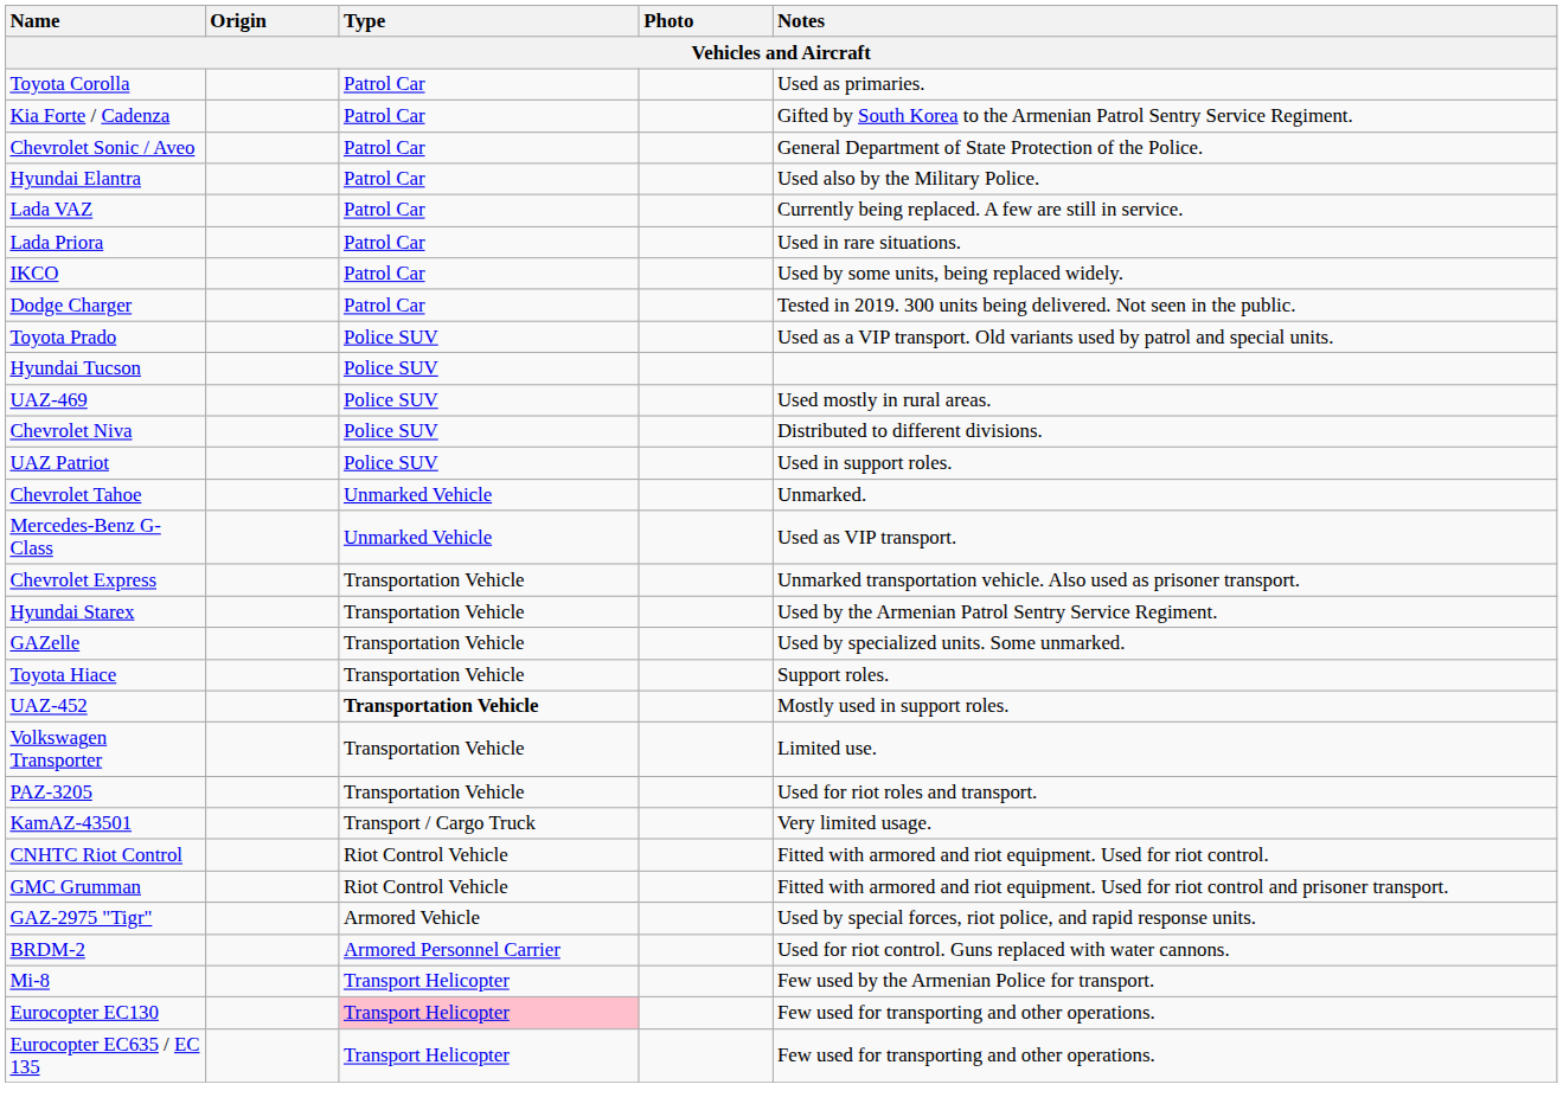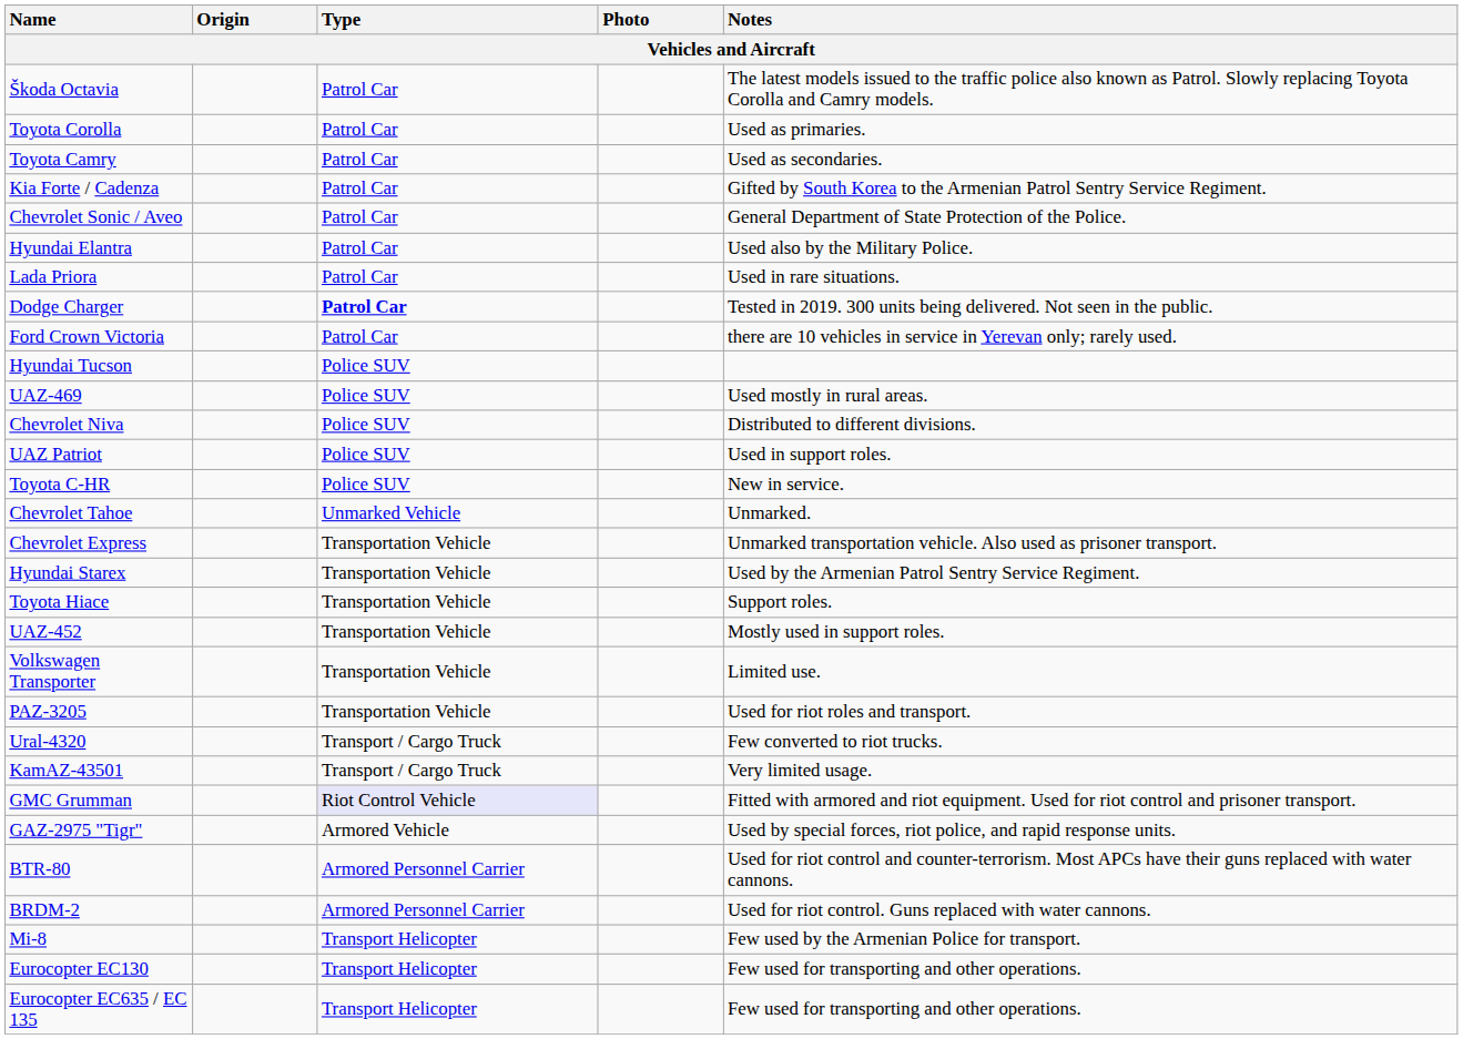 <table class="wikitable">
 <tr>
 <th style="text-align: left; width:12%;">Name</th>
 <th style="text-align: left; width:8%;">Origin</th>
 <th style="text-align: left; width:18%;">Type</th>
 <th style="text-align: left; width:8%; ">Photo</th>
 <th style="text-align: left; width:47%;">Notes</th>
 </tr>
 <tr>
 <th colspan="5" style="align: center;">Vehicles and Aircraft</th>
 </tr>
 <tr>
+<td><a href='#'>Škoda Octavia</a></td>
+<td></td>
+<td><a href='#'>Patrol Car</a></td>
+<td></td>
+<td>The latest models issued to the traffic police also known as Patrol. Slowly replacing Toyota Corolla and Camry models.</td>
+</tr>
+<tr>
 <td><a href='#'>Toyota Corolla</a></td>
 <td></td>
 <td><a href='#'>Patrol Car</a></td>
 <td></td>
 <td>Used as primaries.</td>
+</tr>
+<tr>
+<td><a href='#'>Toyota Camry</a></td>
+<td></td>
+<td><a href='#'>Patrol Car</a></td>
+<td></td>
+<td>Used as secondaries.</td>
 </tr>
 <tr>
 <td><a href='#'>Kia Forte</a> / <a href='#'>Cadenza</a></td>
 <td></td>
 <td><a href='#'>Patrol Car</a></td>
 <td></td>
 <td>Gifted by <a href='#'>South Korea</a> to the Armenian Patrol Sentry Service Regiment.</td>
 </tr>
 <tr>
 <td><a href='#'>Chevrolet Sonic / Aveo</a></td>
 <td></td>
 <td><a href='#'>Patrol Car</a></td>
 <td></td>
 <td>General Department of State Protection of the Police.</td>
 </tr>
 <tr>
 <td><a href='#'>Hyundai Elantra</a></td>
 <td></td>
 <td><a href='#'>Patrol Car</a></td>
 <td></td>
 <td>Used also by the Military Police.</td>
 </tr>
 <tr>
-<td><a href='#'>Lada VAZ</a></td>
-<td></td>
-<td><a href='#'>Patrol Car</a></td>
-<td></td>
-<td>Currently being replaced. A few are still in service.</td>
-</tr>
-<tr>
 <td><a href='#'>Lada Priora</a></td>
 <td></td>
 <td><a href='#'>Patrol Car</a></td>
 <td></td>
 <td>Used in rare situations.</td>
 </tr>
 <tr>
-<td><a href='#'>IKCO</a></td>
-<td></td>
-<td><a href='#'>Patrol Car</a></td>
-<td></td>
-<td>Used by some units, being replaced widely.</td>
-</tr>
-<tr>
 <td><a href='#'>Dodge Charger</a></td>
 <td></td>
-<td><a href='#'>Patrol Car</a></td>
+<td><strong><a href='#'>Patrol Car</a></strong></td>
 <td></td>
 <td>Tested in 2019. 300 units being delivered. Not seen in the public.</td>
 </tr>
 <tr>
-<td><a href='#'>Toyota Prado</a></td>
+<td><a href='#'>Ford Crown Victoria</a></td>
 <td></td>
-<td><a href='#'>Police SUV</a></td>
+<td><a href='#'>Patrol Car</a></td>
 <td></td>
-<td>Used as a VIP transport. Old variants used by patrol and special units.</td>
+<td> there are 10 vehicles in service in <a href='#'>Yerevan</a> only; rarely used.</td>
 </tr>
 <tr>
 <td><a href='#'>Hyundai Tucson</a></td>
 <td></td>
 <td><a href='#'>Police SUV</a></td>
 <td></td>
 <td></td>
 </tr>
 <tr>
 <td><a href='#'>UAZ-469</a></td>
 <td></td>
 <td><a href='#'>Police SUV</a></td>
 <td></td>
 <td>Used mostly in rural areas.</td>
 </tr>
 <tr>
 <td><a href='#'>Chevrolet Niva</a></td>
 <td></td>
 <td><a href='#'>Police SUV</a></td>
 <td></td>
 <td>Distributed to different divisions.</td>
 </tr>
 <tr>
 <td><a href='#'>UAZ Patriot</a></td>
 <td></td>
 <td><a href='#'>Police SUV</a></td>
 <td></td>
 <td>Used in support roles.</td>
 </tr>
 <tr>
+<td><a href='#'>Toyota C-HR</a></td>
+<td></td>
+<td><a href='#'>Police SUV</a></td>
+<td></td>
+<td>New in service.</td>
+</tr>
+<tr>
 <td><a href='#'>Chevrolet Tahoe</a></td>
 <td></td>
 <td><a href='#'>Unmarked Vehicle</a></td>
 <td></td>
 <td>Unmarked.</td>
-</tr>
-<tr>
-<td><a href='#'>Mercedes-Benz G-Class</a></td>
-<td></td>
-<td><a href='#'>Unmarked Vehicle</a></td>
-<td></td>
-<td>Used as VIP transport.</td>
 </tr>
 <tr>
 <td><a href='#'>Chevrolet Express</a></td>
 <td></td>
 <td>Transportation Vehicle</td>
 <td></td>
 <td>Unmarked transportation vehicle. Also used as prisoner transport.</td>
 </tr>
 <tr>
 <td><a href='#'>Hyundai Starex</a></td>
 <td></td>
 <td>Transportation Vehicle</td>
 <td></td>
 <td>Used by the Armenian Patrol Sentry Service Regiment.</td>
 </tr>
 <tr>
-<td><a href='#'>GAZelle</a></td>
-<td></td>
-<td>Transportation Vehicle</td>
-<td></td>
-<td>Used by specialized units. Some unmarked.</td>
-</tr>
-<tr>
 <td><a href='#'>Toyota Hiace</a></td>
 <td></td>
 <td>Transportation Vehicle</td>
 <td></td>
 <td>Support roles.</td>
 </tr>
 <tr>
 <td><a href='#'>UAZ-452</a></td>
 <td></td>
-<td><strong>Transportation Vehicle</strong></td>
+<td>Transportation Vehicle</td>
 <td></td>
 <td>Mostly used in support roles.</td>
 </tr>
 <tr>
 <td><a href='#'>Volkswagen Transporter</a></td>
 <td></td>
 <td>Transportation Vehicle</td>
 <td></td>
 <td>Limited use.</td>
 </tr>
 <tr>
 <td><a href='#'>PAZ-3205</a></td>
 <td></td>
 <td>Transportation Vehicle</td>
 <td></td>
 <td>Used for riot roles and transport.</td>
 </tr>
 <tr>
+<td><a href='#'>Ural-4320</a></td>
+<td></td>
+<td>Transport / Cargo Truck</td>
+<td></td>
+<td>Few converted to riot trucks.</td>
+</tr>
+<tr>
 <td><a href='#'>KamAZ-43501</a></td>
 <td></td>
 <td>Transport / Cargo Truck</td>
 <td></td>
 <td>Very limited usage.</td>
 </tr>
 <tr>
-<td><a href='#'>CNHTC Riot Control</a></td>
-<td></td>
-<td>Riot Control Vehicle</td>
-<td></td>
-<td>Fitted with armored and riot equipment. Used for riot control.</td>
-</tr>
-<tr>
 <td><a href='#'>GMC Grumman</a></td>
 <td></td>
-<td>Riot Control Vehicle</td>
+<td style="background: lavender;">Riot Control Vehicle</td>
 <td></td>
 <td>Fitted with armored and riot equipment. Used for riot control and prisoner transport.</td>
 </tr>
 <tr>
 <td><a href='#'>GAZ-2975 "Tigr"</a></td>
 <td></td>
 <td>Armored Vehicle</td>
 <td></td>
 <td>Used by special forces, riot police, and rapid response units.</td>
+</tr>
+<tr>
+<td><a href='#'>BTR-80</a></td>
+<td></td>
+<td><a href='#'>Armored Personnel Carrier</a></td>
+<td></td>
+<td>Used for riot control and counter-terrorism. Most APCs have their guns replaced with water cannons.</td>
 </tr>
 <tr>
 <td><a href='#'>BRDM-2</a></td>
 <td></td>
 <td><a href='#'>Armored Personnel Carrier</a></td>
 <td></td>
 <td>Used for riot control. Guns replaced with water cannons.</td>
 </tr>
 <tr>
 <td><a href='#'>Mi-8</a></td>
 <td></td>
 <td><a href='#'>Transport Helicopter</a></td>
 <td></td>
 <td>Few used by the Armenian Police for transport.</td>
 </tr>
 <tr>
 <td><a href='#'>Eurocopter EC130</a></td>
 <td></td>
-<td style="background: pink;"><a href='#'>Transport Helicopter</a></td>
+<td><a href='#'>Transport Helicopter</a></td>
 <td></td>
 <td>Few used for transporting and other operations.</td>
 </tr>
 <tr>
 <td><a href='#'>Eurocopter EC635</a> / <a href='#'>EC 135</a></td>
 <td></td>
 <td><a href='#'>Transport Helicopter</a></td>
 <td></td>
 <td>Few used for transporting and other operations.</td>
 </tr>
 </table>
